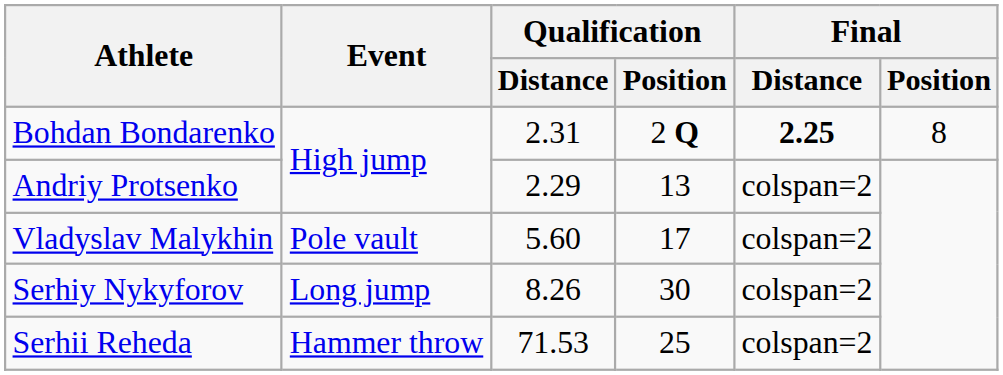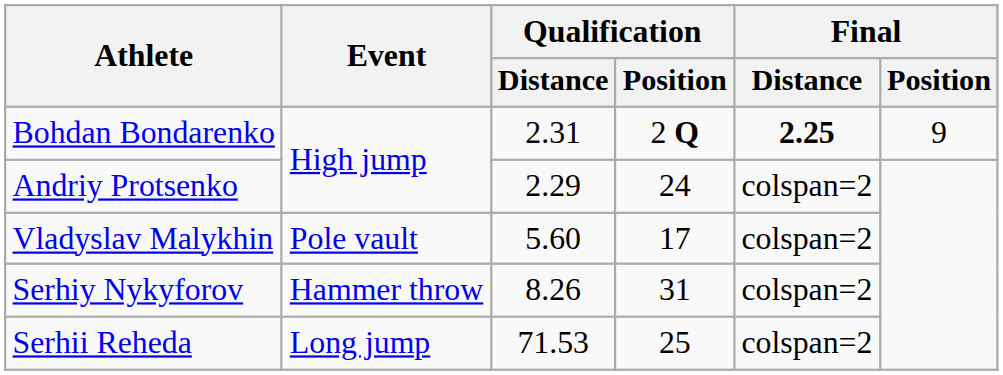 <table class=wikitable style="font-size:90%">
 <tr>
 <th rowspan="2">Athlete</th>
 <th rowspan="2">Event</th>
 <th colspan="2">Qualification</th>
 <th colspan="2">Final</th>
 </tr>
 <tr style="font-size:95%">
 <th>Distance</th>
 <th>Position</th>
 <th>Distance</th>
 <th>Position</th>
 </tr>
 <tr style=text-align:center>
 <td style=text-align:left><a href='#'>Bohdan Bondarenko</a></td>
 <td style=text-align:left rowspan=2><a href='#'>High jump</a></td>
 <td>2.31</td>
 <td>2 <strong>Q</strong></td>
 <td><strong>2.25</strong></td>
-<td>8</td>
+<td>9</td>
 </tr>
 <tr style=text-align:center>
 <td style=text-align:left><a href='#'>Andriy Protsenko</a></td>
 <td>2.29</td>
-<td>13</td>
+<td>24</td>
 <td>colspan=2 </td>
 </tr>
 <tr style=text-align:center>
 <td style=text-align:left><a href='#'>Vladyslav Malykhin</a></td>
 <td style=text-align:left><a href='#'>Pole vault</a></td>
 <td>5.60</td>
 <td>17</td>
 <td>colspan=2 </td>
 </tr>
 <tr style=text-align:center>
 <td style=text-align:left><a href='#'>Serhiy Nykyforov</a></td>
-<td style=text-align:left><a href='#'>Long jump</a></td>
+<td style=text-align:left><a href='#'>Hammer throw</a></td>
 <td>8.26</td>
-<td>30</td>
+<td>31</td>
 <td>colspan=2 </td>
 </tr>
 <tr style=text-align:center>
 <td style=text-align:left><a href='#'>Serhii Reheda</a></td>
-<td style=text-align:left><a href='#'>Hammer throw</a></td>
+<td style=text-align:left><a href='#'>Long jump</a></td>
 <td>71.53</td>
 <td>25</td>
 <td>colspan=2 </td>
 </tr>
 </table>
